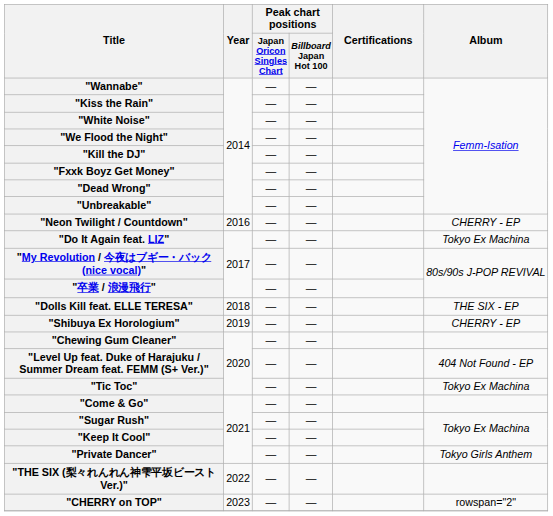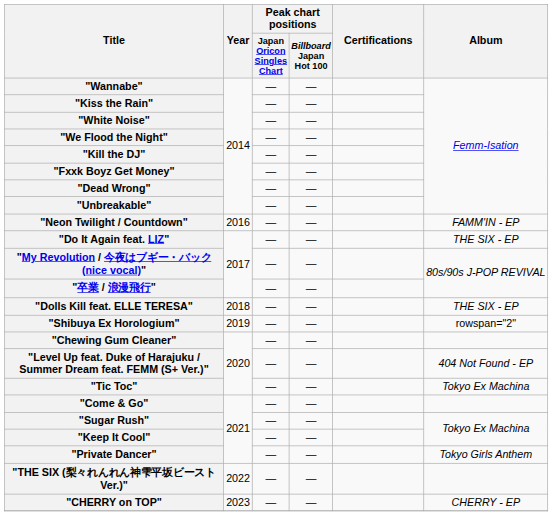 <table class="wikitable plainrowheaders" style="text-align:center;">
 <tr>
 <th scope="col" rowspan="2" style="width:20em;">Title</th>
 <th scope="col" rowspan="2">Year</th>
 <th scope="col" colspan="2">Peak chart positions</th>
 <th scope="col" rowspan="2" style="width:8em;">Certifications</th>
 <th scope="col" rowspan="2">Album</th>
 </tr>
 <tr>
 <th style="width:3em;font-size:85%">Japan <a href='#'>Oricon Singles Chart</a></th>
 <th style="width:3em;font-size:85%"><em>Billboard</em> Japan Hot 100<br></th>
 </tr>
 <tr>
 <th scope="row">"Wannabe"</th>
 <td rowspan="8">2014</td>
 <td>—</td>
 <td>—</td>
 <td></td>
 <td rowspan="8"><em><a href='#'>Femm-Isation</a></em></td>
 </tr>
 <tr>
 <th scope="row">"Kiss the Rain"</th>
 <td>—</td>
 <td>—</td>
 <td></td>
 </tr>
 <tr>
 <th scope="row">"White Noise"</th>
 <td>—</td>
 <td>—</td>
 <td></td>
 </tr>
 <tr>
 <th scope="row">"We Flood the Night"</th>
 <td>—</td>
 <td>—</td>
 <td></td>
 </tr>
 <tr>
 <th scope="row">"Kill the DJ"</th>
 <td>—</td>
 <td>—</td>
 <td></td>
 </tr>
 <tr>
 <th scope="row">"Fxxk Boyz Get Money"</th>
 <td>—</td>
 <td>—</td>
 <td></td>
 </tr>
 <tr>
 <th scope="row">"Dead Wrong"</th>
 <td>—</td>
 <td>—</td>
 <td></td>
 </tr>
 <tr>
 <th scope="row">"Unbreakable"</th>
 <td>—</td>
 <td>—</td>
 <td></td>
 </tr>
 <tr>
 <th scope="row">"Neon Twilight / Countdown"</th>
 <td rowspan="1">2016</td>
 <td>—</td>
 <td>—</td>
 <td></td>
-<td><em>CHERRY - EP </em></td>
+<td><em>FAMM'IN - EP</em></td>
 </tr>
 <tr>
 <th scope="row">"Do It Again feat. <a href='#'>LIZ</a>"</th>
 <td rowspan="3">2017</td>
 <td>—</td>
 <td>—</td>
 <td></td>
-<td><em>Tokyo Ex Machina</em></td>
+<td><em>THE SIX - EP </em></td>
 </tr>
 <tr>
 <th scope="row">"<a href='#'>My Revolution</a> / <a href='#'>今夜はブギー・バック (nice vocal)</a>"</th>
 <td>—</td>
 <td>—</td>
 <td></td>
 <td rowspan="2"><em>80s/90s J-POP REVIVAL</em></td>
 </tr>
 <tr>
 <th scope="row">"<a href='#'>卒業</a> / <a href='#'>浪漫飛行</a>"</th>
 <td>—</td>
 <td>—</td>
 <td></td>
 </tr>
 <tr>
 <th scope="row">"Dolls Kill feat. ELLE TERESA"</th>
 <td>2018</td>
 <td>—</td>
 <td>—</td>
 <td></td>
 <td><em>THE SIX - EP </em></td>
 </tr>
 <tr>
 <th scope="row">"Shibuya Ex Horologium"</th>
 <td>2019</td>
 <td>—</td>
 <td>—</td>
 <td></td>
-<td><em>CHERRY - EP </em></td>
+<td>rowspan="2" </td>
 </tr>
 <tr>
 <th scope="row">"Chewing Gum Cleaner"</th>
 <td rowspan="3">2020</td>
 <td>—</td>
 <td>—</td>
 <td></td>
 </tr>
 <tr>
 <th scope="row">"Level Up feat. Duke of Harajuku / Summer Dream feat. FEMM (S+ Ver.)"</th>
 <td>—</td>
 <td>—</td>
 <td></td>
 <td><em>404 Not Found - EP</em></td>
 </tr>
 <tr>
 <th scope="row">"Tic Toc"</th>
 <td>—</td>
 <td>—</td>
 <td></td>
 <td><em>Tokyo Ex Machina</em></td>
 </tr>
 <tr>
 <th scope="row">"Come & Go"</th>
 <td rowspan="4">2021</td>
 <td>—</td>
 <td>—</td>
 <td></td>
 <td></td>
 </tr>
 <tr>
 <th scope="row">"Sugar Rush"</th>
 <td>—</td>
 <td>—</td>
 <td></td>
 <td rowspan="2"><em>Tokyo Ex Machina</em></td>
 </tr>
 <tr>
 <th scope="row">"Keep It Cool"</th>
 <td>—</td>
 <td>—</td>
 <td></td>
 </tr>
 <tr>
 <th scope="row">"Private Dancer"</th>
 <td>—</td>
 <td>—</td>
 <td></td>
 <td><em>Tokyo Girls Anthem</em></td>
 </tr>
 <tr>
 <th scope="row">"THE SIX (梨々れんれん神雫平坂ビーストVer.)"</th>
 <td>2022</td>
 <td>—</td>
 <td>—</td>
 <td></td>
 <td></td>
 </tr>
 <tr>
 <th scope="row">"CHERRY on TOP"</th>
 <td>2023</td>
 <td>—</td>
 <td>—</td>
 <td></td>
-<td>rowspan="2" </td>
+<td><em>CHERRY - EP </em></td>
 </tr>
 <tr>
 </tr>
 </table>
